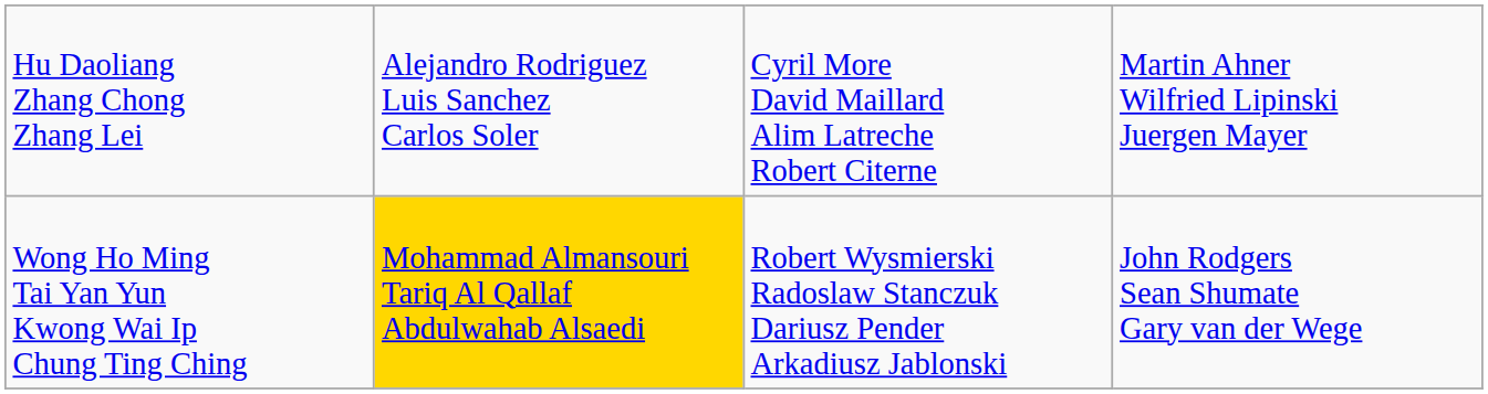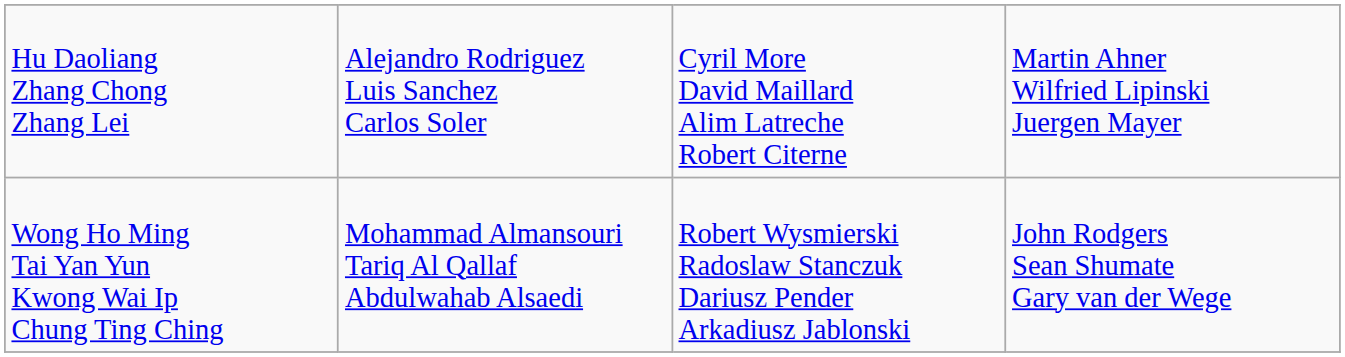 <table class="wikitable">
 <tr>
 <td style="vertical-align:top; width:180px"><br><a href='#'>Hu Daoliang</a><br><a href='#'>Zhang Chong</a><br><a href='#'>Zhang Lei</a></td>
 <td style="vertical-align:top; width:180px"><br><a href='#'>Alejandro Rodriguez</a><br><a href='#'>Luis Sanchez</a><br><a href='#'>Carlos Soler</a></td>
 <td style="vertical-align:top; width:180px"><br><a href='#'>Cyril More</a><br><a href='#'>David Maillard</a><br><a href='#'>Alim Latreche</a><br><a href='#'>Robert Citerne</a></td>
 <td style="vertical-align:top; width:180px"><br><a href='#'>Martin Ahner</a><br><a href='#'>Wilfried Lipinski</a><br><a href='#'>Juergen Mayer</a></td>
 </tr>
 <tr>
 <td style="vertical-align:top; width:180px"><br><a href='#'>Wong Ho Ming</a><br><a href='#'>Tai Yan Yun</a><br><a href='#'>Kwong Wai Ip</a><br><a href='#'>Chung Ting Ching</a></td>
-<td style="background: gold; vertical-align:top; width:180px"><br><a href='#'>Mohammad Almansouri</a><br><a href='#'>Tariq Al Qallaf</a><br><a href='#'>Abdulwahab Alsaedi</a></td>
+<td style="vertical-align:top; width:180px"><br><a href='#'>Mohammad Almansouri</a><br><a href='#'>Tariq Al Qallaf</a><br><a href='#'>Abdulwahab Alsaedi</a></td>
 <td style="vertical-align:top; width:180px"><br><a href='#'>Robert Wysmierski</a><br><a href='#'>Radoslaw Stanczuk</a><br><a href='#'>Dariusz Pender</a><br><a href='#'>Arkadiusz Jablonski</a></td>
 <td style="vertical-align:top; width:180px"><br><a href='#'>John Rodgers</a><br><a href='#'>Sean Shumate</a><br><a href='#'>Gary van der Wege</a></td>
 </tr>
 </table>
